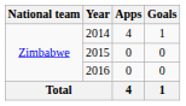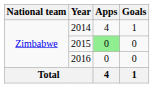 <table class="wikitable" style="text-align:center">
 <tr>
 <th>National team</th>
 <th>Year</th>
 <th>Apps</th>
 <th>Goals</th>
 </tr>
 <tr>
 <td rowspan="3"><a href='#'>Zimbabwe</a></td>
 <td>2014</td>
 <td>4</td>
 <td>1</td>
 </tr>
 <tr>
 <td>2015</td>
-<td>0</td>
+<td style="background: lightgreen;">0</td>
 <td>0</td>
 </tr>
 <tr>
 <td>2016</td>
 <td>0</td>
 <td>0</td>
 </tr>
 <tr>
 <th colspan=2>Total</th>
 <th>4</th>
 <th>1</th>
 </tr>
 </table>
